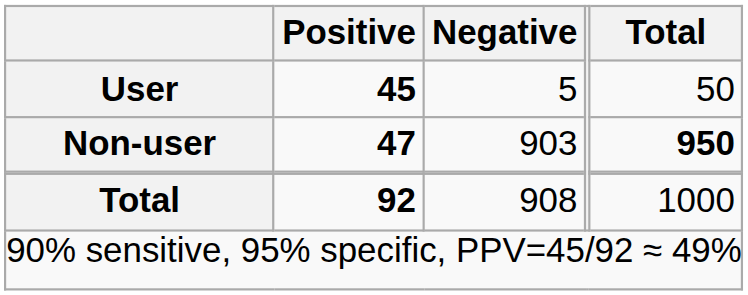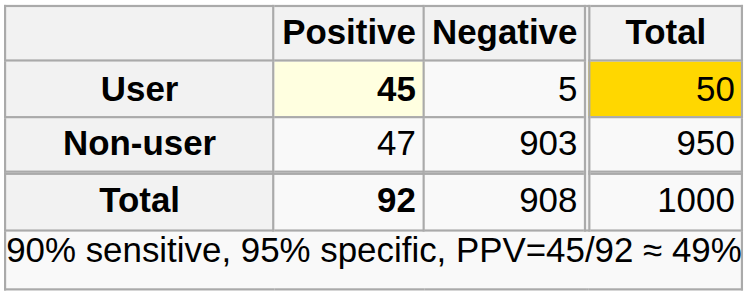 <table class="wikitable" style="display:inline-table;">
 <tr>
 <th></th>
 <th style="width:5ex;">Positive</th>
 <th style="width:5ex;">Negative</th>
 <th rowspan="5" style="padding:0;"></th>
 <th>Total</th>
 </tr>
 <tr>
 <th>User</th>
-<td style="text-align:right"><strong>45</strong></td>
+<td style="background: lightyellow; text-align:right"><strong>45</strong></td>
 <td style="text-align:right">5</td>
-<td style="text-align:right">50</td>
+<td style="background: gold; text-align:right">50</td>
 </tr>
 <tr>
 <th>Non-user</th>
-<td style="text-align:right"><strong>47</strong></td>
+<td style="text-align:right">47</td>
 <td style="text-align:right">903</td>
-<td style="text-align:right"><strong>950</strong></td>
+<td style="text-align:right">950</td>
 </tr>
 <tr>
 <td colspan="5" style="padding:0;"></td>
 </tr>
 <tr>
 <th>Total</th>
 <td style="text-align:right"><strong>92</strong></td>
 <td style="text-align:right">908</td>
 <td style="text-align:right">1000</td>
 </tr>
 <tr>
 <td colspan="5" style="padding:0 0 1ex 0;border:none;background:transparent;">90% sensitive, 95% specific, PPV=45/92 ≈ 49%</td>
 </tr>
 </table>
